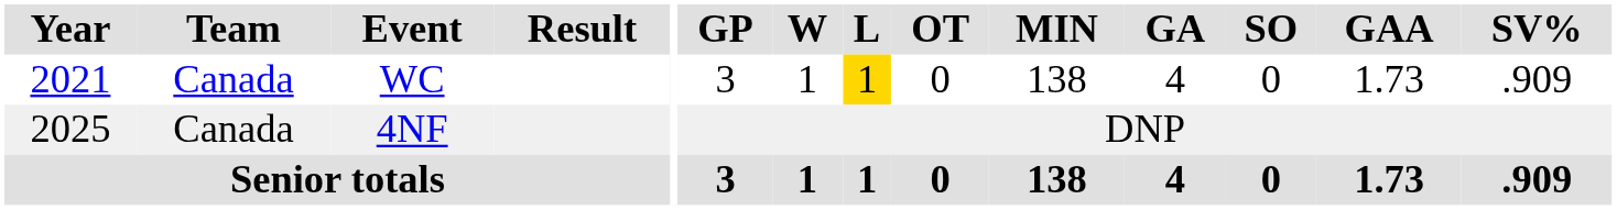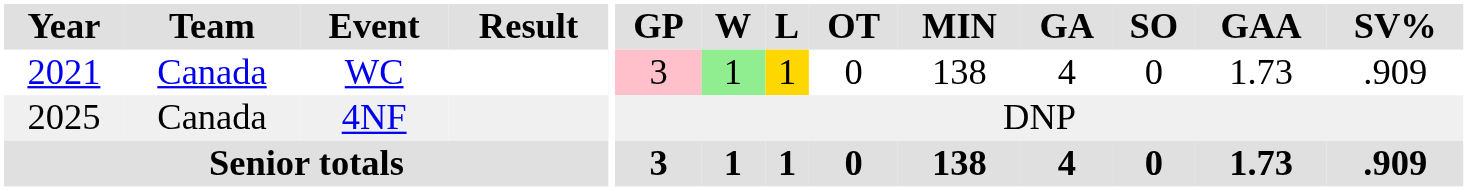 <table border="0" cellpadding="1" cellspacing="0" ID="Table3" style="text-align:center; width:40em;">
 <tr bgcolor="#e0e0e0">
 <th>Year</th>
 <th>Team</th>
 <th>Event</th>
 <th>Result</th>
 <th rowspan="99" bgcolor="#ffffff"></th>
 <th>GP</th>
 <th>W</th>
 <th>L</th>
 <th>OT</th>
 <th>MIN</th>
 <th>GA</th>
 <th>SO</th>
 <th>GAA</th>
 <th>SV%</th>
 </tr>
 <tr>
 <td><a href='#'>2021</a></td>
 <td><a href='#'>Canada</a></td>
 <td><a href='#'>WC</a></td>
 <td></td>
-<td>3</td>
-<td>1</td>
+<td style="background: pink;">3</td>
+<td style="background: lightgreen;">1</td>
 <td style="background: gold;">1</td>
 <td>0</td>
 <td>138</td>
 <td>4</td>
 <td>0</td>
 <td>1.73</td>
 <td>.909</td>
 </tr>
 <tr bgcolor="#f0f0f0">
 <td>2025</td>
 <td>Canada</td>
 <td><a href='#'>4NF</a></td>
 <td></td>
 <td colspan="9">DNP</td>
 </tr>
 <tr bgcolor="#e0e0e0">
 <th colspan=4>Senior totals</th>
 <th>3</th>
 <th>1</th>
 <th>1</th>
 <th>0</th>
 <th>138</th>
 <th>4</th>
 <th>0</th>
 <th>1.73</th>
 <th>.909</th>
 </tr>
 </table>
